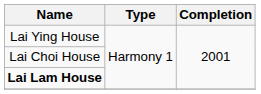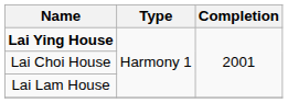 <table class="wikitable" style="text-align: center">
 <tr>
 <th>Name</th>
 <th>Type</th>
 <th>Completion</th>
 </tr>
 <tr>
-<td>Lai Ying House</td>
+<td><strong>Lai Ying House</strong></td>
 <td rowspan="3">Harmony 1</td>
 <td rowspan="3">2001</td>
 </tr>
 <tr>
 <td>Lai Choi House</td>
 </tr>
 <tr>
-<td><strong>Lai Lam House</strong></td>
+<td>Lai Lam House</td>
 </tr>
 <tr>
 </tr>
 </table>
